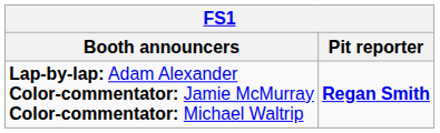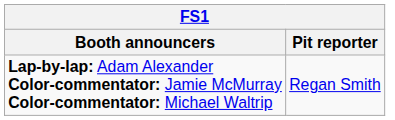 <table class="wikitable">
 <tr>
 <th colspan="2"><a href='#'>FS1</a></th>
 </tr>
 <tr>
 <th>Booth announcers</th>
 <th>Pit reporter</th>
 </tr>
 <tr>
 <td><strong>Lap-by-lap:</strong> <a href='#'>Adam Alexander</a><br><strong>Color-commentator:</strong> <a href='#'>Jamie McMurray</a><br><strong>Color-commentator:</strong> <a href='#'>Michael Waltrip</a></td>
-<td><strong><a href='#'>Regan Smith</a></strong></td>
+<td><a href='#'>Regan Smith</a></td>
 </tr>
 </table>
